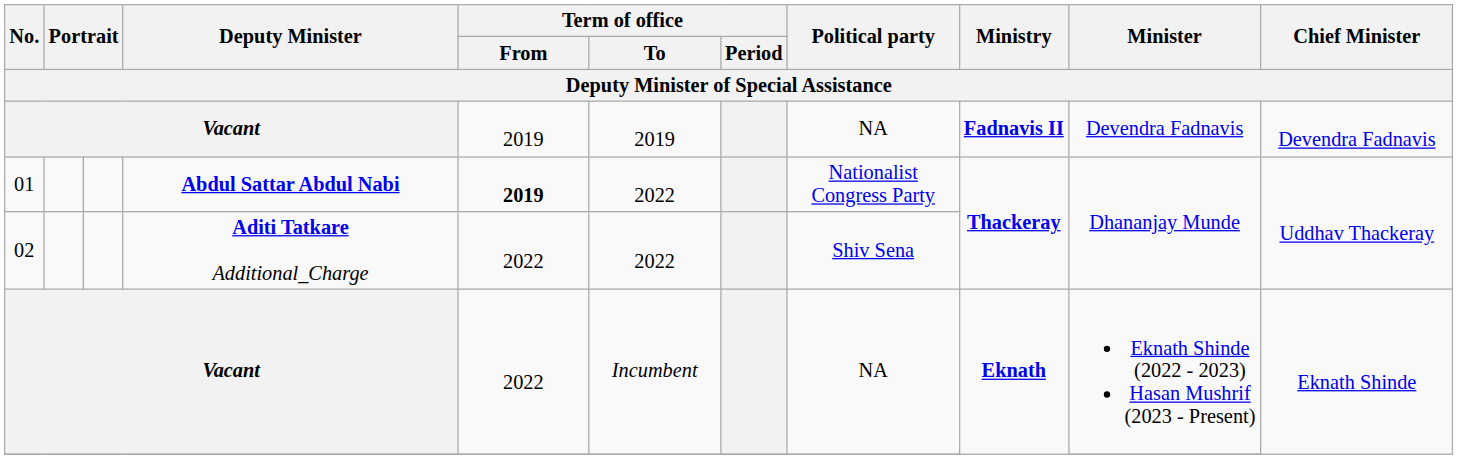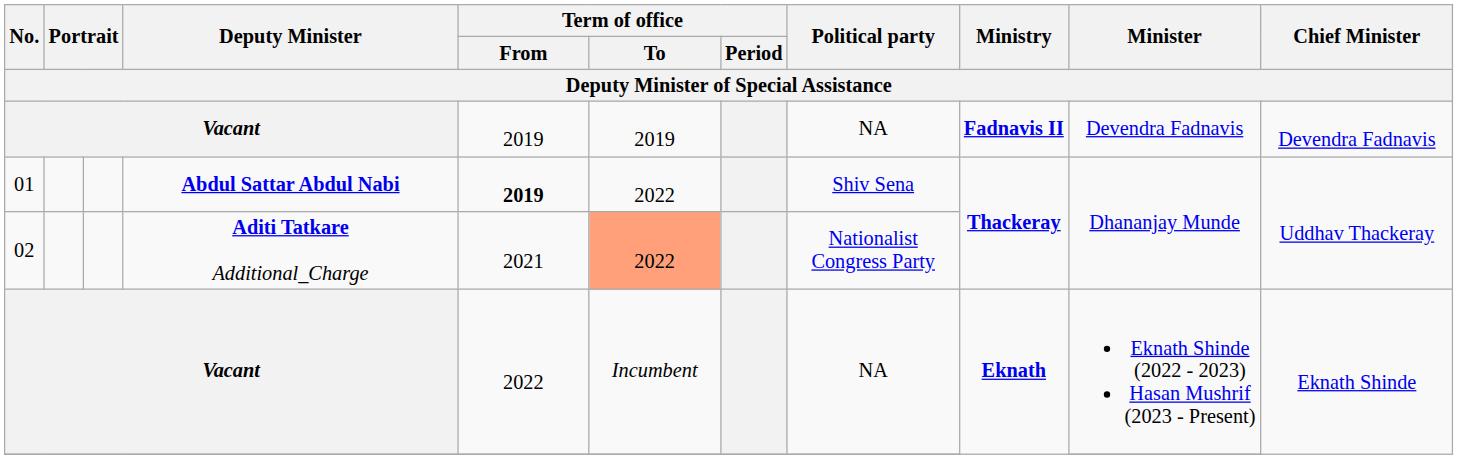 <table class="wikitable" style="text-align:center">
 <tr>
 <th rowspan="2">No.</th>
 <th rowspan="2" colspan="2">Portrait</th>
 <th rowspan="2" style="width:16em">Deputy Minister<br></th>
 <th colspan="3">Term of office</th>
 <th rowspan="2" style="width:8em">Political party</th>
 <th rowspan="2">Ministry</th>
 <th rowspan="2" style="width:9em">Minister</th>
 <th rowspan="2" style="width:9em">Chief Minister</th>
 </tr>
 <tr>
 <th style="width:6em">From</th>
 <th style="width:6em">To</th>
 <th>Period</th>
 </tr>
 <tr>
 <th colspan="11">Deputy Minister of Special Assistance</th>
 </tr>
 <tr>
 <th colspan="04"><strong><em> Vacant</em></strong></th>
 <td><br>2019</td>
 <td><br>2019</td>
 <th></th>
 <td>NA</td>
 <td rowspan="1"><a href='#'><strong>Fadnavis II</strong></a></td>
 <td><a href='#'>Devendra Fadnavis</a></td>
 <td rowspan="1"> <br><a href='#'>Devendra Fadnavis</a></td>
 </tr>
 <tr>
 <td>01</td>
 <td style="color:inherit;background:"></td>
 <td></td>
 <td><strong><a href='#'>Abdul Sattar Abdul Nabi</a></strong> <br> </td>
 <td><strong><br>2019</strong></td>
 <td><br>2022</td>
 <th></th>
-<td><a href='#'>Nationalist Congress Party</a></td>
+<td><a href='#'>Shiv Sena</a></td>
 <td rowspan="2"><a href='#'><strong>Thackeray</strong></a></td>
 <td rowspan="2"><a href='#'>Dhananjay Munde</a></td>
 <td rowspan="2"> <br><a href='#'>Uddhav Thackeray</a></td>
 </tr>
 <tr>
 <td>02</td>
 <td style="color:inherit;background:"></td>
 <td></td>
 <td><strong><a href='#'>Aditi Tatkare</a></strong> <br> <br><em>Additional_Charge</em></td>
-<td><br>2022</td>
-<td><br>2022</td>
+<td><br>2021</td>
+<td style="background: lightsalmon;"><br>2022</td>
 <th></th>
-<td><a href='#'>Shiv Sena</a></td>
+<td><a href='#'>Nationalist Congress Party</a></td>
 </tr>
 <tr>
 <th colspan="04"><strong><em>Vacant</em></strong></th>
 <td><br>2022</td>
 <td><em>Incumbent</em></td>
 <th></th>
 <td>NA</td>
 <td rowspan="2"><a href='#'><strong>Eknath</strong></a></td>
 <td><br><ul><li><a href='#'>Eknath Shinde</a><br>(2022 - 2023)</li><li><a href='#'>Hasan Mushrif</a><br> (2023 - Present)</li></ul></td>
 <td rowspan="2"> <br><a href='#'>Eknath Shinde</a></td>
 </tr>
 <tr>
 </tr>
 </table>
